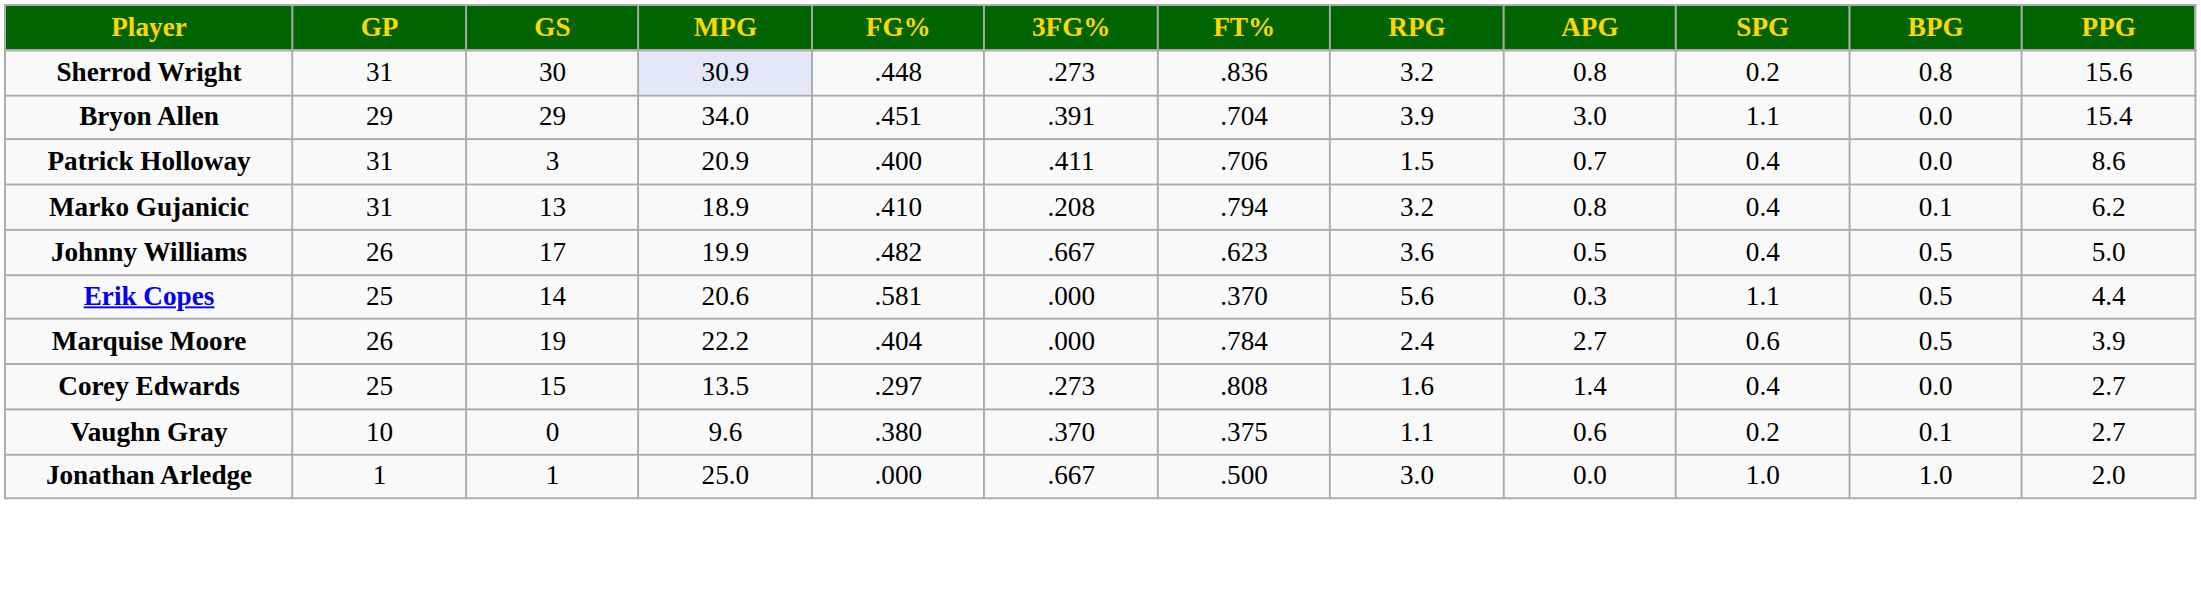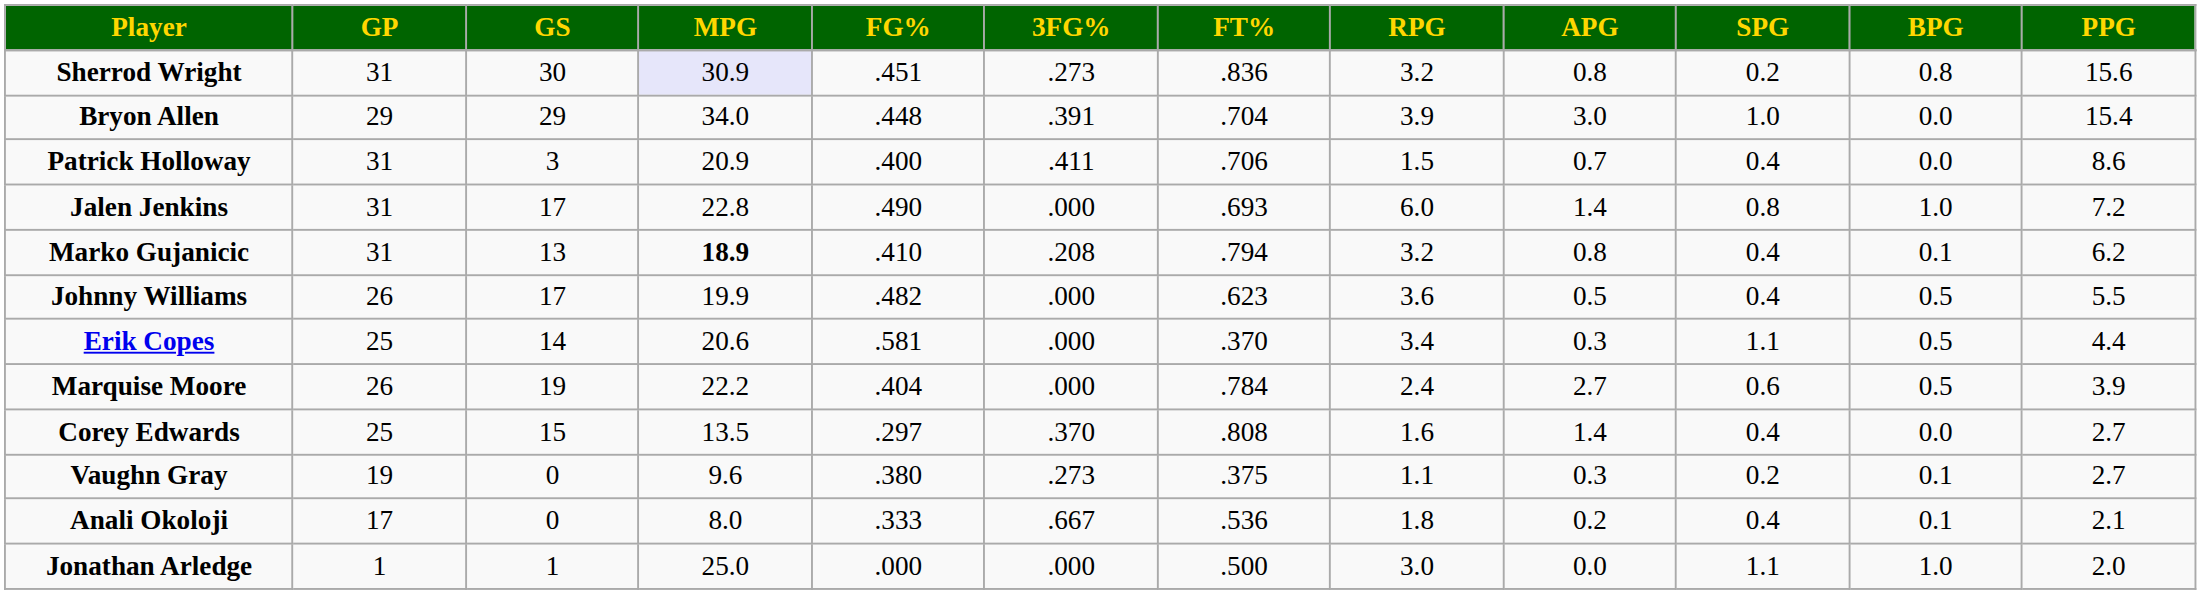 <table class="wikitable sortable" style="font-size: 90%">
 <tr>
 <th style="background:#006400;color:#FFD700;" width="10%">Player</th>
 <th style="background:#006400;color:#FFD700;" width="6%">GP</th>
 <th style="background:#006400;color:#FFD700;" width="6%">GS</th>
 <th style="background:#006400;color:#FFD700;" width="6%">MPG</th>
 <th style="background:#006400;color:#FFD700;" width="6%">FG%</th>
 <th style="background:#006400;color:#FFD700;" width="6%">3FG%</th>
 <th style="background:#006400;color:#FFD700;" width="6%">FT%</th>
 <th style="background:#006400;color:#FFD700;" width="6%">RPG</th>
 <th style="background:#006400;color:#FFD700;" width="6%">APG</th>
 <th style="background:#006400;color:#FFD700;" width="6%">SPG</th>
 <th style="background:#006400;color:#FFD700;" width="6%">BPG</th>
 <th style="background:#006400;color:#FFD700;" width="6%">PPG</th>
 </tr>
 <tr align="center" bgcolor="">
 </tr>
 <tr align="center">
 <td><strong>Sherrod Wright</strong></td>
 <td>31</td>
 <td>30</td>
 <td style="background: lavender;">30.9</td>
-<td>.448</td>
+<td>.451</td>
 <td>.273</td>
 <td>.836</td>
 <td>3.2</td>
 <td>0.8</td>
 <td>0.2</td>
 <td>0.8</td>
 <td>15.6</td>
 </tr>
 <tr align="center" bgcolor="">
 <td><strong>Bryon Allen</strong></td>
 <td>29</td>
 <td>29</td>
 <td>34.0</td>
-<td>.451</td>
+<td>.448</td>
 <td>.391</td>
 <td>.704</td>
 <td>3.9</td>
 <td>3.0</td>
-<td>1.1</td>
+<td>1.0</td>
 <td>0.0</td>
 <td>15.4</td>
 </tr>
 <tr align="center" bgcolor="">
 <td><strong>Patrick Holloway</strong></td>
 <td>31</td>
 <td>3</td>
 <td>20.9</td>
 <td>.400</td>
 <td>.411</td>
 <td>.706</td>
 <td>1.5</td>
 <td>0.7</td>
 <td>0.4</td>
 <td>0.0</td>
 <td>8.6</td>
 </tr>
 <tr align="center" bgcolor="">
+<td><strong>Jalen Jenkins</strong></td>
+<td>31</td>
+<td>17</td>
+<td>22.8</td>
+<td>.490</td>
+<td>.000</td>
+<td>.693</td>
+<td>6.0</td>
+<td>1.4</td>
+<td>0.8</td>
+<td>1.0</td>
+<td>7.2</td>
+</tr>
+<tr align="center" bgcolor="">
 <td><strong>Marko Gujanicic</strong></td>
 <td>31</td>
 <td>13</td>
-<td>18.9</td>
+<td><strong>18.9</strong></td>
 <td>.410</td>
 <td>.208</td>
 <td>.794</td>
 <td>3.2</td>
 <td>0.8</td>
 <td>0.4</td>
 <td>0.1</td>
 <td>6.2</td>
 </tr>
 <tr align="center" bgcolor="">
 <td><strong>Johnny Williams</strong></td>
 <td>26</td>
 <td>17</td>
 <td>19.9</td>
 <td>.482</td>
-<td>.667</td>
+<td>.000</td>
 <td>.623</td>
 <td>3.6</td>
 <td>0.5</td>
 <td>0.4</td>
 <td>0.5</td>
-<td>5.0</td>
+<td>5.5</td>
 </tr>
 <tr align="center" bgcolor="">
 <td><strong><a href='#'>Erik Copes</a></strong></td>
 <td>25</td>
 <td>14</td>
 <td>20.6</td>
 <td>.581</td>
 <td>.000</td>
 <td>.370</td>
-<td>5.6</td>
+<td>3.4</td>
 <td>0.3</td>
 <td>1.1</td>
 <td>0.5</td>
 <td>4.4</td>
 </tr>
 <tr align="center" bgcolor="">
 <td><strong>Marquise Moore</strong></td>
 <td>26</td>
 <td>19</td>
 <td>22.2</td>
 <td>.404</td>
 <td>.000</td>
 <td>.784</td>
 <td>2.4</td>
 <td>2.7</td>
 <td>0.6</td>
 <td>0.5</td>
 <td>3.9</td>
 </tr>
 <tr align="center" bgcolor="">
 <td><strong>Corey Edwards</strong></td>
 <td>25</td>
 <td>15</td>
 <td>13.5</td>
 <td>.297</td>
-<td>.273</td>
+<td>.370</td>
 <td>.808</td>
 <td>1.6</td>
 <td>1.4</td>
 <td>0.4</td>
 <td>0.0</td>
 <td>2.7</td>
 </tr>
 <tr align="center" bgcolor="">
 <td><strong>Vaughn Gray</strong></td>
-<td>10</td>
+<td>19</td>
 <td>0</td>
 <td>9.6</td>
 <td>.380</td>
-<td>.370</td>
+<td>.273</td>
 <td>.375</td>
 <td>1.1</td>
-<td>0.6</td>
+<td>0.3</td>
 <td>0.2</td>
 <td>0.1</td>
 <td>2.7</td>
+</tr>
+<tr align="center" bgcolor="">
+<td><strong>Anali Okoloji</strong></td>
+<td>17</td>
+<td>0</td>
+<td>8.0</td>
+<td>.333</td>
+<td>.667</td>
+<td>.536</td>
+<td>1.8</td>
+<td>0.2</td>
+<td>0.4</td>
+<td>0.1</td>
+<td>2.1</td>
 </tr>
 <tr align="center" bgcolor="">
 <td><strong>Jonathan Arledge</strong></td>
 <td>1</td>
 <td>1</td>
 <td>25.0</td>
 <td>.000</td>
-<td>.667</td>
+<td>.000</td>
 <td>.500</td>
 <td>3.0</td>
 <td>0.0</td>
-<td>1.0</td>
+<td>1.1</td>
 <td>1.0</td>
 <td>2.0</td>
 </tr>
 </table>
